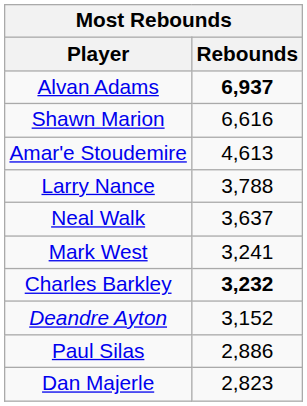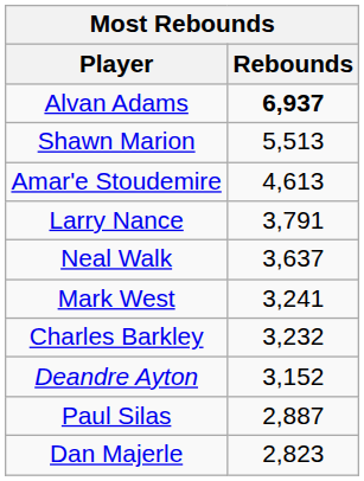 <table class="wikitable sortable" style="text-align:center">
 <tr>
 <th colspan="5">Most Rebounds</th>
 </tr>
 <tr>
 <th>Player</th>
 <th>Rebounds</th>
 </tr>
 <tr>
 <td><a href='#'>Alvan Adams</a></td>
 <td><strong>6,937</strong></td>
 </tr>
 <tr>
 <td><a href='#'>Shawn Marion</a></td>
-<td>6,616</td>
+<td>5,513</td>
 </tr>
 <tr>
 <td><a href='#'>Amar'e Stoudemire</a></td>
 <td>4,613</td>
 </tr>
 <tr>
 <td><a href='#'>Larry Nance</a></td>
-<td>3,788</td>
+<td>3,791</td>
 </tr>
 <tr>
 <td><a href='#'>Neal Walk</a></td>
 <td>3,637</td>
 </tr>
 <tr>
 <td><a href='#'>Mark West</a></td>
 <td>3,241</td>
 </tr>
 <tr>
 <td><a href='#'>Charles Barkley</a></td>
-<td><strong>3,232</strong></td>
+<td>3,232</td>
 </tr>
 <tr>
 <td><em><a href='#'>Deandre Ayton</a></em></td>
 <td>3,152</td>
 </tr>
 <tr>
 <td><a href='#'>Paul Silas</a></td>
-<td>2,886</td>
+<td>2,887</td>
 </tr>
 <tr>
 <td><a href='#'>Dan Majerle</a></td>
 <td>2,823</td>
 </tr>
 </table>
